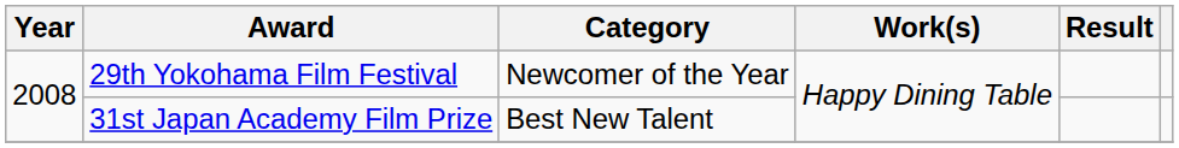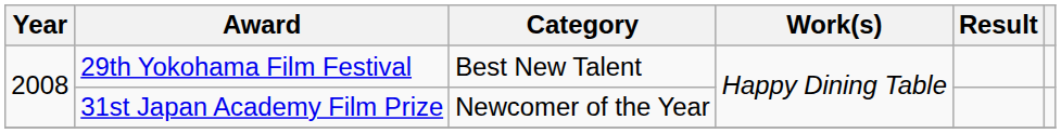 <table class="wikitable">
 <tr>
 <th>Year</th>
 <th>Award</th>
 <th>Category</th>
 <th>Work(s)</th>
 <th>Result</th>
 <th></th>
 </tr>
 <tr>
 <td rowspan=2>2008</td>
 <td><a href='#'>29th Yokohama Film Festival</a></td>
-<td>Newcomer of the Year</td>
+<td>Best New Talent</td>
 <td rowspan=2><em>Happy Dining Table</em></td>
 <td></td>
 <td></td>
 </tr>
 <tr>
 <td><a href='#'>31st Japan Academy Film Prize</a></td>
-<td>Best New Talent</td>
+<td>Newcomer of the Year</td>
 <td></td>
 <td></td>
 </tr>
 <tr>
 </tr>
 </table>
